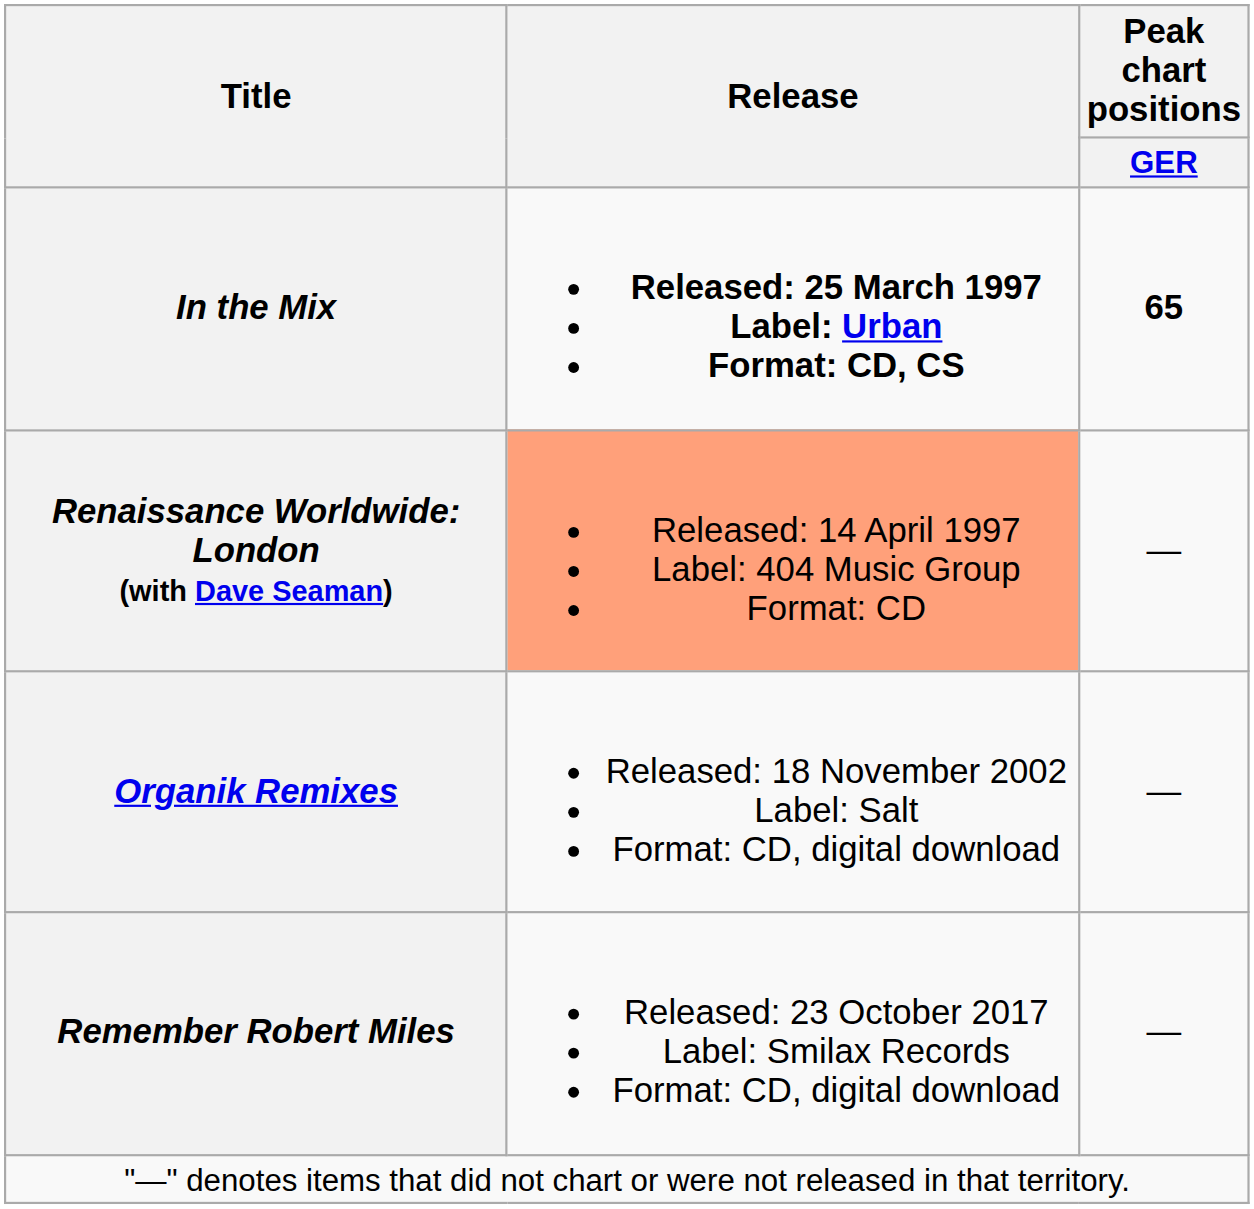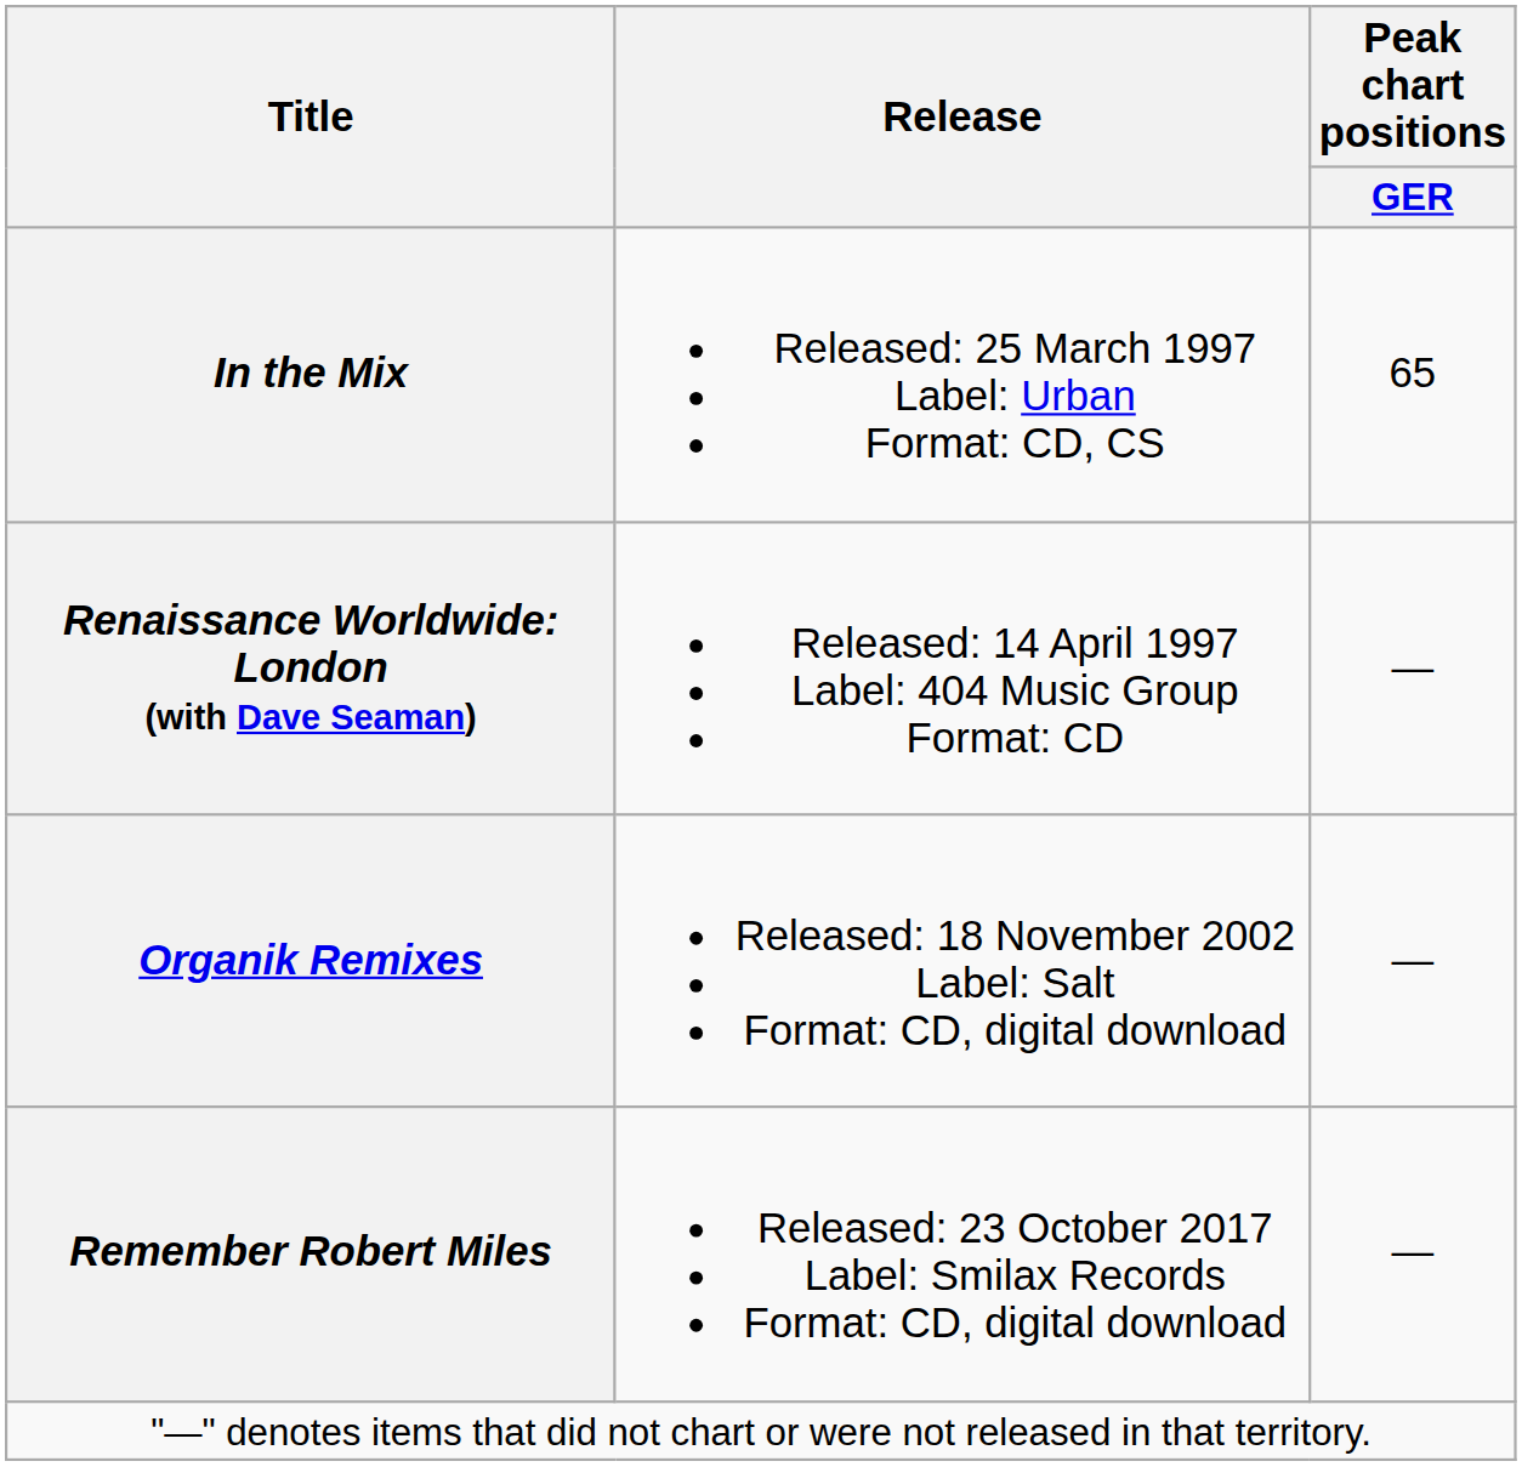 <table class="wikitable plainrowheaders" style="text-align:center;">
 <tr>
 <th scope="col" rowspan="2" style="width:14em;">Title</th>
 <th scope="col" rowspan="2" style="width:16em;">Release</th>
 <th scope="col" colspan="1">Peak chart positions</th>
 </tr>
 <tr>
 <th style="width:2em;font-size:90%;"><a href='#'>GER</a><br></th>
 </tr>
 <tr>
 <th scope="row"><em>In the Mix</em></th>
-<td><strong><br><ul><li>Released: 25 March 1997</li><li>Label: <a href='#'>Urban</a></li><li>Format: CD, CS</li></ul></strong></td>
-<td><strong>65</strong></td>
+<td><br><ul><li>Released: 25 March 1997</li><li>Label: <a href='#'>Urban</a></li><li>Format: CD, CS</li></ul></td>
+<td>65</td>
 </tr>
 <tr>
 <th scope="row"><em>Renaissance Worldwide: London</em><br><small>(with <a href='#'>Dave Seaman</a>)</small></th>
-<td style="background: lightsalmon;"><br><ul><li>Released: 14 April 1997</li><li>Label: 404 Music Group</li><li>Format: CD</li></ul></td>
+<td><br><ul><li>Released: 14 April 1997</li><li>Label: 404 Music Group</li><li>Format: CD</li></ul></td>
 <td>—</td>
 </tr>
 <tr>
 <th scope="row"><em><a href='#'>Organik Remixes</a></em></th>
 <td><br><ul><li>Released: 18 November 2002</li><li>Label: Salt</li><li>Format: CD, digital download</li></ul></td>
 <td>—</td>
 </tr>
 <tr>
 <th scope="row"><em>Remember Robert Miles</em></th>
 <td><br><ul><li>Released: 23 October 2017</li><li>Label: Smilax Records</li><li>Format: CD, digital download</li></ul></td>
 <td>—</td>
 </tr>
 <tr>
 <td align="center" colspan="15" style="font-size:90%">"—" denotes items that did not chart or were not released in that territory.</td>
 </tr>
 </table>
